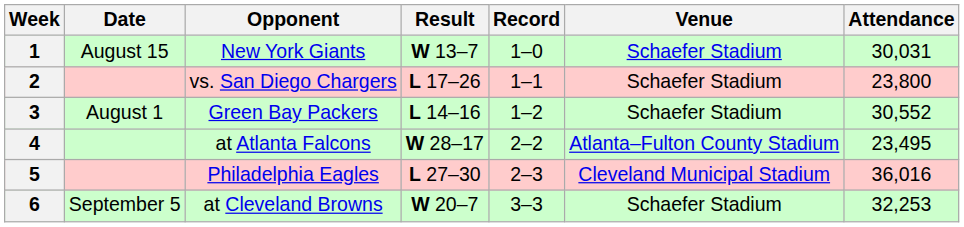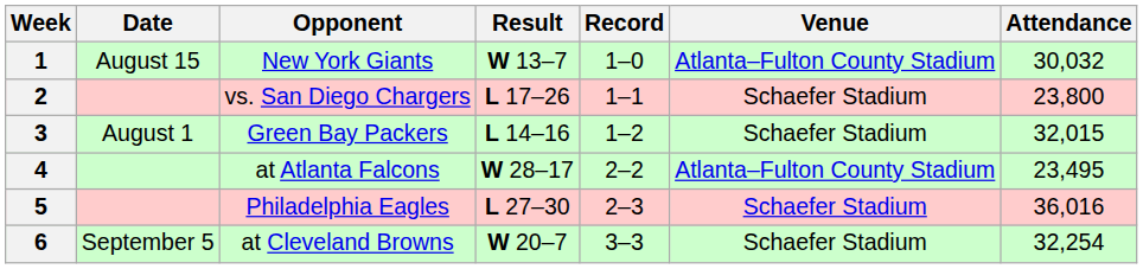 <table class="wikitable" style="text-align:center">
 <tr>
 <th>Week</th>
 <th>Date</th>
 <th>Opponent</th>
 <th>Result</th>
 <th>Record</th>
 <th>Venue</th>
 <th>Attendance</th>
 </tr>
 <tr style="background:#cfc">
 <th>1</th>
 <td>August 15</td>
 <td><a href='#'>New York Giants</a></td>
 <td><strong>W</strong> 13–7 </td>
 <td>1–0</td>
-<td><a href='#'>Schaefer Stadium</a></td>
-<td>30,031</td>
+<td><a href='#'>Atlanta–Fulton County Stadium</a></td>
+<td>30,032</td>
 </tr>
 <tr style="background:#fcc">
 <th>2</th>
 <td></td>
 <td>vs. <a href='#'>San Diego Chargers</a></td>
 <td><strong>L</strong> 17–26</td>
 <td>1–1</td>
 <td>Schaefer Stadium</td>
 <td>23,800</td>
 </tr>
 <tr style="background:#cfc">
 <th>3</th>
 <td>August 1</td>
 <td><a href='#'>Green Bay Packers</a></td>
 <td><strong>L</strong> 14–16</td>
 <td>1–2</td>
 <td>Schaefer Stadium</td>
-<td>30,552</td>
+<td>32,015</td>
 </tr>
 <tr style="background:#cfc">
 <th>4</th>
 <td></td>
 <td>at <a href='#'>Atlanta Falcons</a></td>
 <td><strong>W</strong> 28–17</td>
 <td>2–2</td>
 <td><a href='#'>Atlanta–Fulton County Stadium</a></td>
 <td>23,495</td>
 </tr>
 <tr style="background:#fcc">
 <th>5</th>
 <td></td>
 <td><a href='#'>Philadelphia Eagles</a></td>
 <td><strong>L</strong> 27–30</td>
 <td>2–3</td>
-<td><a href='#'>Cleveland Municipal Stadium</a></td>
+<td><a href='#'>Schaefer Stadium</a></td>
 <td>36,016</td>
 </tr>
 <tr style="background:#cfc">
 <th>6</th>
 <td>September 5</td>
 <td>at <a href='#'>Cleveland Browns</a></td>
 <td><strong>W</strong> 20–7</td>
 <td>3–3</td>
 <td>Schaefer Stadium</td>
-<td>32,253</td>
+<td>32,254</td>
 </tr>
 </table>
